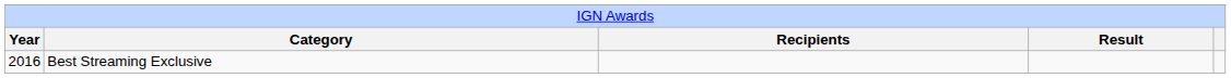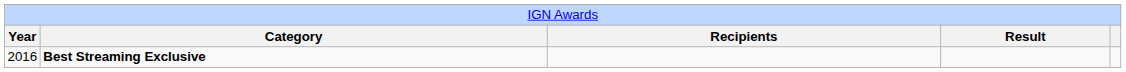 <table class="wikitable plainrowheaders" style="font-size: 100%; width:85%">
 <tr>
 </tr>
 <tr ---- bgcolor="#bfd7ff">
 <td colspan=6 align=center><a href='#'>IGN Awards</a></td>
 </tr>
 <tr ---- bgcolor="#ebf5ff">
 <th scope="col" style="width:2%;">Year</th>
 <th scope="col" style="width:45%;">Category</th>
 <th scope="col" style="width:35%;">Recipients</th>
 <th scope="col" style="width:15%;">Result</th>
 <th scope="col" class="unsortable" style="width:1%;"></th>
 </tr>
 <tr>
 <td style="text-align:center;">2016</td>
-<td>Best Streaming Exclusive</td>
+<td><strong>Best Streaming Exclusive</strong></td>
 <td></td>
 <td></td>
 <td></td>
 </tr>
 </table>
